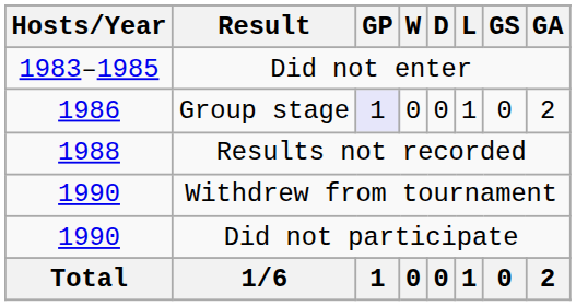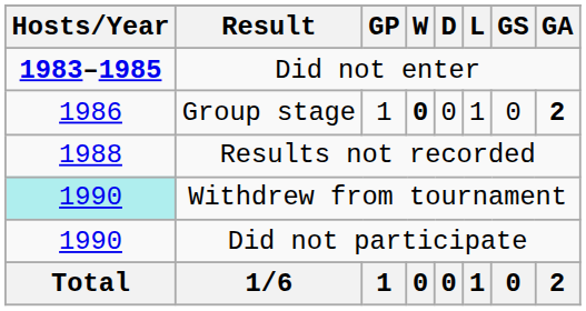 <table class="wikitable" style="text-align: center;">
 <tr>
 </tr>
 <tr>
 <th>Hosts/Year</th>
 <th>Result</th>
 <th>GP</th>
 <th>W</th>
 <th>D</th>
 <th>L</th>
 <th>GS</th>
 <th>GA</th>
 </tr>
 <tr>
-<td><a href='#'>1983</a>–<a href='#'>1985</a></td>
+<td><strong><a href='#'>1983</a>–<a href='#'>1985</a></strong></td>
 <td colspan=8 rowspan=1>Did not enter</td>
 </tr>
 <tr>
 <td> <a href='#'>1986</a></td>
 <td>Group stage</td>
-<td style="background: lavender;">1</td>
-<td>0</td>
+<td>1</td>
+<td><strong>0</strong></td>
 <td>0</td>
 <td>1</td>
 <td>0</td>
-<td>2</td>
+<td><strong>2</strong></td>
 </tr>
 <tr>
 <td> <a href='#'>1988</a></td>
 <td colspan=8 rowspan=1>Results not recorded</td>
 </tr>
 <tr>
-<td> <a href='#'>1990</a></td>
+<td style="background: paleturquoise;"> <a href='#'>1990</a></td>
 <td colspan=8 rowspan=1>Withdrew from tournament</td>
 </tr>
 <tr>
 <td> <a href='#'>1990</a></td>
 <td colspan=8 rowspan=1>Did not participate</td>
 </tr>
 <tr>
 <th>Total</th>
 <th>1/6</th>
 <th>1</th>
 <th>0</th>
 <th>0</th>
 <th>1</th>
 <th>0</th>
 <th>2</th>
 </tr>
 </table>
